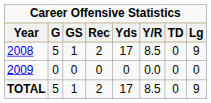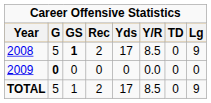 <table class="wikitable">
 <tr style="background:#seaGreen;">
 <td colspan="13" style="text-align:center;"><strong>Career Offensive Statistics</strong></td>
 </tr>
 <tr style="background:orange;">
 <th>Year</th>
 <th>G</th>
 <th>GS</th>
 <th>Rec</th>
 <th>Yds</th>
 <th>Y/R</th>
 <th>TD</th>
 <th>Lg</th>
 </tr>
 <tr style="text-align:center;">
 <td align="left"><a href='#'>2008</a></td>
 <td>5</td>
-<td>1</td>
+<td><strong>1</strong></td>
 <td>2</td>
 <td>17</td>
 <td>8.5</td>
 <td>0</td>
 <td>9</td>
 </tr>
 <tr style="text-align:center;">
 <td align="left"><a href='#'>2009</a></td>
-<td>0</td>
+<td><strong>0</strong></td>
 <td>0</td>
 <td>0</td>
 <td>0</td>
 <td>0.0</td>
 <td>0</td>
 <td>0</td>
 </tr>
 <tr style="text-align:center;">
 <td align="left"><strong>TOTAL</strong></td>
 <td>5</td>
 <td>1</td>
 <td>2</td>
 <td>17</td>
 <td>8.5</td>
 <td>0</td>
 <td>9</td>
 </tr>
 </table>
